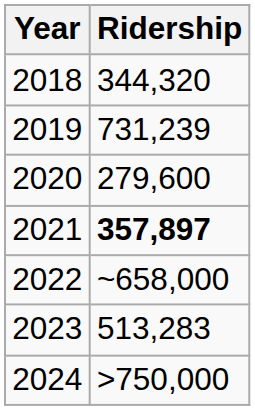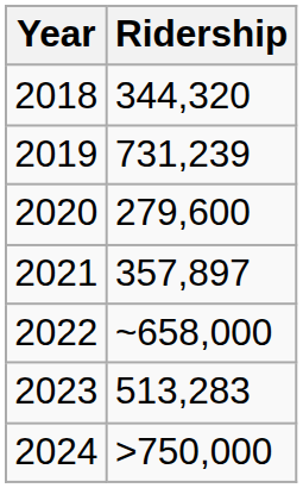 <table class="wikitable">
 <tr>
 <th>Year</th>
 <th>Ridership</th>
 </tr>
 <tr>
 <td>2018</td>
 <td>344,320</td>
 </tr>
 <tr>
 <td>2019</td>
 <td>731,239</td>
 </tr>
 <tr>
 <td>2020</td>
 <td>279,600</td>
 </tr>
 <tr>
 <td>2021</td>
-<td><strong>357,897</strong></td>
+<td>357,897</td>
 </tr>
 <tr>
 <td>2022</td>
 <td>~658,000</td>
 </tr>
 <tr>
 <td>2023</td>
 <td>513,283</td>
 </tr>
 <tr>
 <td>2024</td>
 <td>>750,000</td>
 </tr>
 </table>
